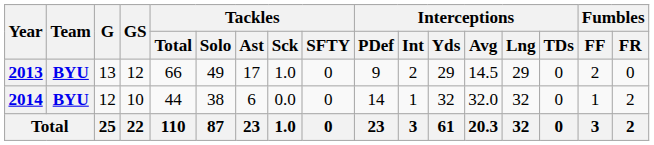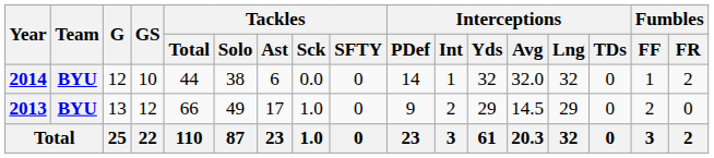 <table class="wikitable" style="text-align: center;">
 <tr>
 <th rowspan=2>Year</th>
 <th rowspan=2>Team</th>
 <th rowspan=2>G</th>
 <th rowspan=2>GS</th>
 <th colspan=5>Tackles</th>
 <th colspan=6>Interceptions</th>
 <th colspan=2>Fumbles</th>
 </tr>
 <tr>
 <th>Total</th>
 <th>Solo</th>
 <th>Ast</th>
 <th>Sck</th>
 <th>SFTY</th>
 <th>PDef</th>
 <th>Int</th>
 <th>Yds</th>
 <th>Avg</th>
 <th>Lng</th>
 <th>TDs</th>
 <th>FF</th>
 <th>FR</th>
 </tr>
 <tr>
+<th><a href='#'>2014</a></th>
+<th><a href='#'>BYU</a></th>
+<td>12</td>
+<td>10</td>
+<td>44</td>
+<td>38</td>
+<td>6</td>
+<td>0.0</td>
+<td>0</td>
+<td>14</td>
+<td>1</td>
+<td>32</td>
+<td>32.0</td>
+<td>32</td>
+<td>0</td>
+<td>1</td>
+<td>2</td>
+</tr>
+<tr>
 <th><a href='#'>2013</a></th>
 <th><a href='#'>BYU</a></th>
 <td>13</td>
 <td>12</td>
 <td>66</td>
 <td>49</td>
 <td>17</td>
 <td>1.0</td>
 <td>0</td>
 <td>9</td>
 <td>2</td>
 <td>29</td>
 <td>14.5</td>
 <td>29</td>
 <td>0</td>
 <td>2</td>
 <td>0</td>
-</tr>
-<tr>
-<th><a href='#'>2014</a></th>
-<th><a href='#'>BYU</a></th>
-<td>12</td>
-<td>10</td>
-<td>44</td>
-<td>38</td>
-<td>6</td>
-<td>0.0</td>
-<td>0</td>
-<td>14</td>
-<td>1</td>
-<td>32</td>
-<td>32.0</td>
-<td>32</td>
-<td>0</td>
-<td>1</td>
-<td>2</td>
 </tr>
 <tr>
 <th colspan=2>Total</th>
 <th>25</th>
 <th>22</th>
 <th>110</th>
 <th>87</th>
 <th>23</th>
 <th>1.0</th>
 <th>0</th>
 <th>23</th>
 <th>3</th>
 <th>61</th>
 <th>20.3</th>
 <th>32</th>
 <th>0</th>
 <th>3</th>
 <th>2</th>
 </tr>
 </table>
